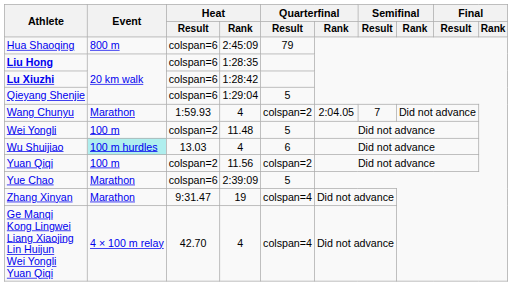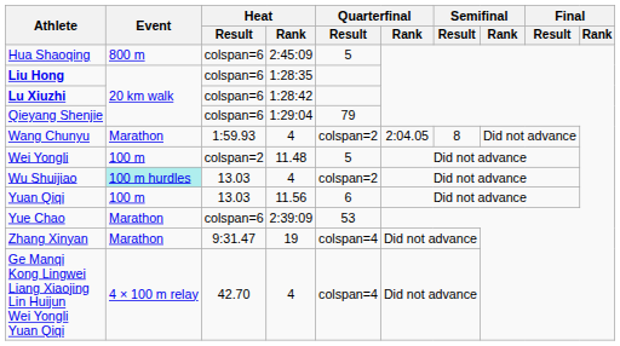 <table class="wikitable" style="font-size:90%">
 <tr>
 <th rowspan="2">Athlete</th>
 <th rowspan="2">Event</th>
 <th colspan="2">Heat</th>
 <th colspan="2">Quarterfinal</th>
 <th colspan="2">Semifinal</th>
 <th colspan="2">Final</th>
 </tr>
 <tr style="font-size:95%">
 <th>Result</th>
 <th>Rank</th>
 <th>Result</th>
 <th>Rank</th>
 <th>Result</th>
 <th>Rank</th>
 <th>Result</th>
 <th>Rank</th>
 </tr>
 <tr align=center>
 <td align=left><a href='#'>Hua Shaoqing</a></td>
 <td align=left><a href='#'>800 m</a></td>
 <td>colspan=6 </td>
 <td>2:45:09</td>
-<td>79</td>
+<td>5</td>
 </tr>
 <tr align=center>
 <td align=left><strong><a href='#'>Liu Hong</a></strong></td>
 <td align=left rowspan=3><a href='#'>20 km walk</a></td>
 <td>colspan=6 </td>
 <td>1:28:35</td>
 <td></td>
 </tr>
 <tr align=center>
 <td align=left><strong><a href='#'>Lu Xiuzhi</a></strong></td>
 <td>colspan=6 </td>
 <td>1:28:42</td>
 <td></td>
 </tr>
 <tr align=center>
 <td align=left><a href='#'>Qieyang Shenjie</a></td>
 <td>colspan=6 </td>
 <td>1:29:04</td>
-<td>5</td>
+<td>79</td>
 </tr>
 <tr align=center>
 <td align=left><a href='#'>Wang Chunyu</a></td>
 <td align=left><a href='#'>Marathon</a></td>
 <td>1:59.93</td>
 <td>4</td>
 <td>colspan=2 </td>
 <td>2:04.05</td>
-<td>7</td>
+<td>8</td>
 <td colspan=2>Did not advance</td>
 </tr>
 <tr align=center>
 <td align=left><a href='#'>Wei Yongli</a></td>
 <td align=left><a href='#'>100 m</a></td>
 <td>colspan=2 </td>
 <td>11.48</td>
 <td>5</td>
 <td colspan=4>Did not advance</td>
 </tr>
 <tr align=center>
 <td align=left><a href='#'>Wu Shuijiao</a></td>
 <td align=left style="background: paleturquoise;"><a href='#'>100 m hurdles</a></td>
 <td>13.03</td>
 <td>4</td>
-<td>6</td>
+<td>colspan=2 </td>
 <td colspan=4>Did not advance</td>
 </tr>
 <tr align=center>
 <td align=left><a href='#'>Yuan Qiqi</a></td>
 <td align=left><a href='#'>100 m</a></td>
-<td>colspan=2 </td>
+<td>13.03</td>
 <td>11.56</td>
-<td>colspan=2 </td>
+<td>6</td>
 <td colspan=4>Did not advance</td>
 </tr>
 <tr align=center>
 <td align=left><a href='#'>Yue Chao</a></td>
 <td align=left><a href='#'>Marathon</a></td>
 <td>colspan=6 </td>
 <td>2:39:09</td>
-<td>5</td>
+<td>53</td>
 </tr>
 <tr align=center>
 <td align=left><a href='#'>Zhang Xinyan</a></td>
 <td align=left><a href='#'>Marathon</a></td>
 <td>9:31.47</td>
 <td>19</td>
 <td>colspan=4 </td>
 <td colspan=2>Did not advance</td>
 </tr>
 <tr align=center>
 <td align=left><a href='#'>Ge Manqi</a><br><a href='#'>Kong Lingwei</a><br><a href='#'>Liang Xiaojing</a><br><a href='#'>Lin Huijun</a><br><a href='#'>Wei Yongli</a><br><a href='#'>Yuan Qiqi</a></td>
 <td align=left><a href='#'>4 × 100 m relay</a></td>
 <td>42.70</td>
 <td>4</td>
 <td>colspan=4 </td>
 <td colspan=2>Did not advance</td>
 </tr>
 </table>
